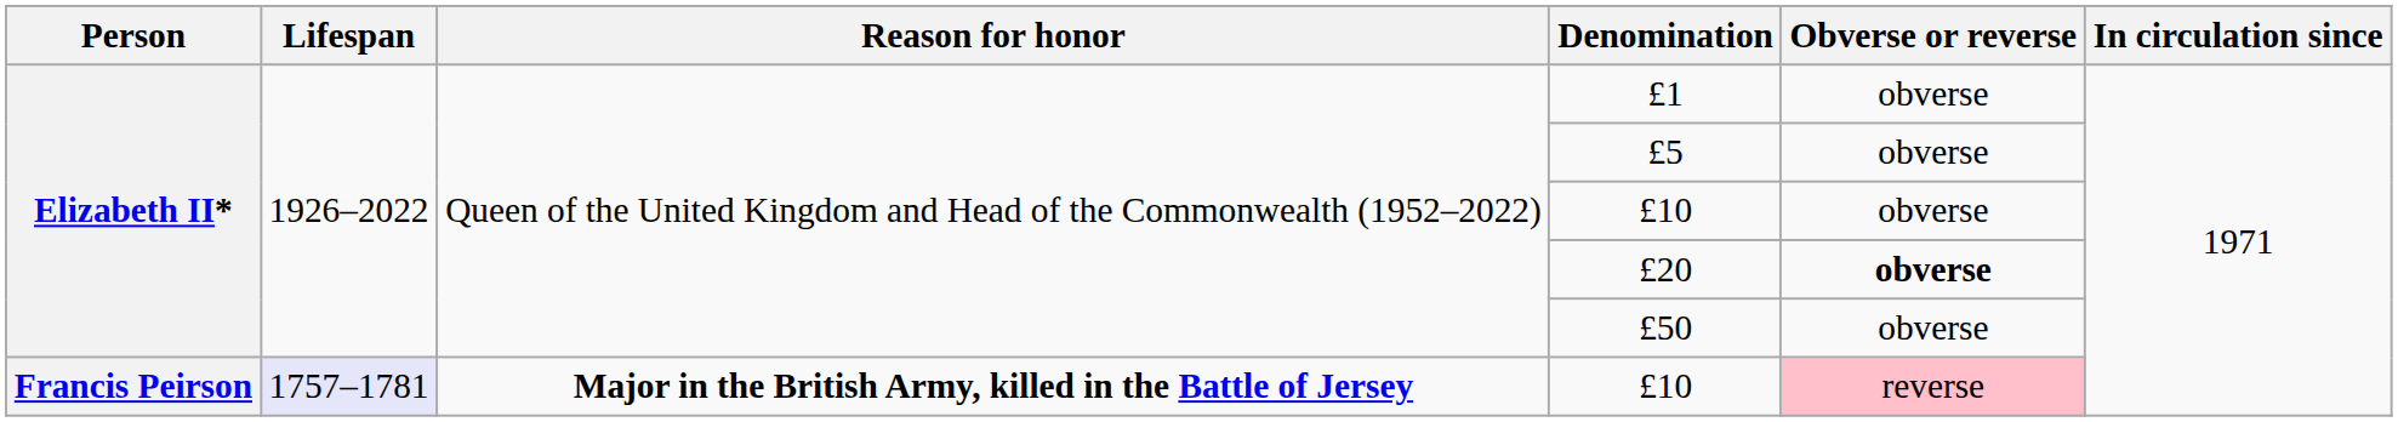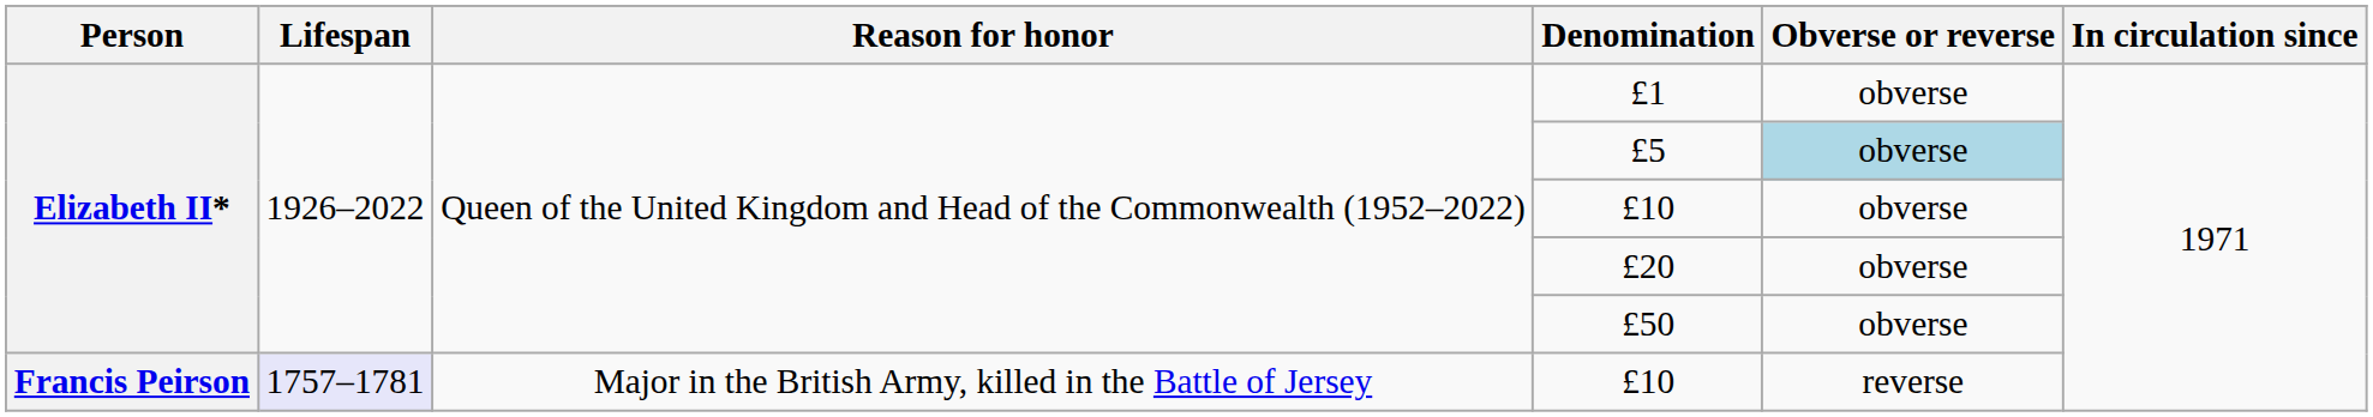 <table class="wikitable" style="font-size: 95%; text-align:center;">
 <tr>
 <th>Person</th>
 <th>Lifespan</th>
 <th>Reason for honor</th>
 <th>Denomination</th>
 <th>Obverse or reverse</th>
 <th>In circulation since</th>
 </tr>
 <tr>
 <th rowspan="5"><a href='#'>Elizabeth II</a>*</th>
 <td rowspan="5">1926–2022</td>
 <td rowspan="5">Queen of the United Kingdom and Head of the Commonwealth (1952–2022)</td>
 <td>£1</td>
 <td>obverse</td>
 <td rowspan="6">1971</td>
 </tr>
 <tr>
 <td>£5</td>
-<td>obverse</td>
+<td style="background: lightblue;">obverse</td>
 </tr>
 <tr>
 <td>£10</td>
 <td>obverse</td>
 </tr>
 <tr>
 <td>£20</td>
-<td><strong>obverse</strong></td>
+<td>obverse</td>
 </tr>
 <tr>
 <td>£50</td>
 <td>obverse</td>
 </tr>
 <tr>
 <th><a href='#'>Francis Peirson</a></th>
 <td style="background: lavender;">1757–1781</td>
-<td><strong>Major in the British Army, killed in the <a href='#'>Battle of Jersey</a></strong></td>
+<td>Major in the British Army, killed in the <a href='#'>Battle of Jersey</a></td>
 <td>£10</td>
-<td style="background: pink;">reverse</td>
+<td>reverse</td>
 </tr>
 </table>
